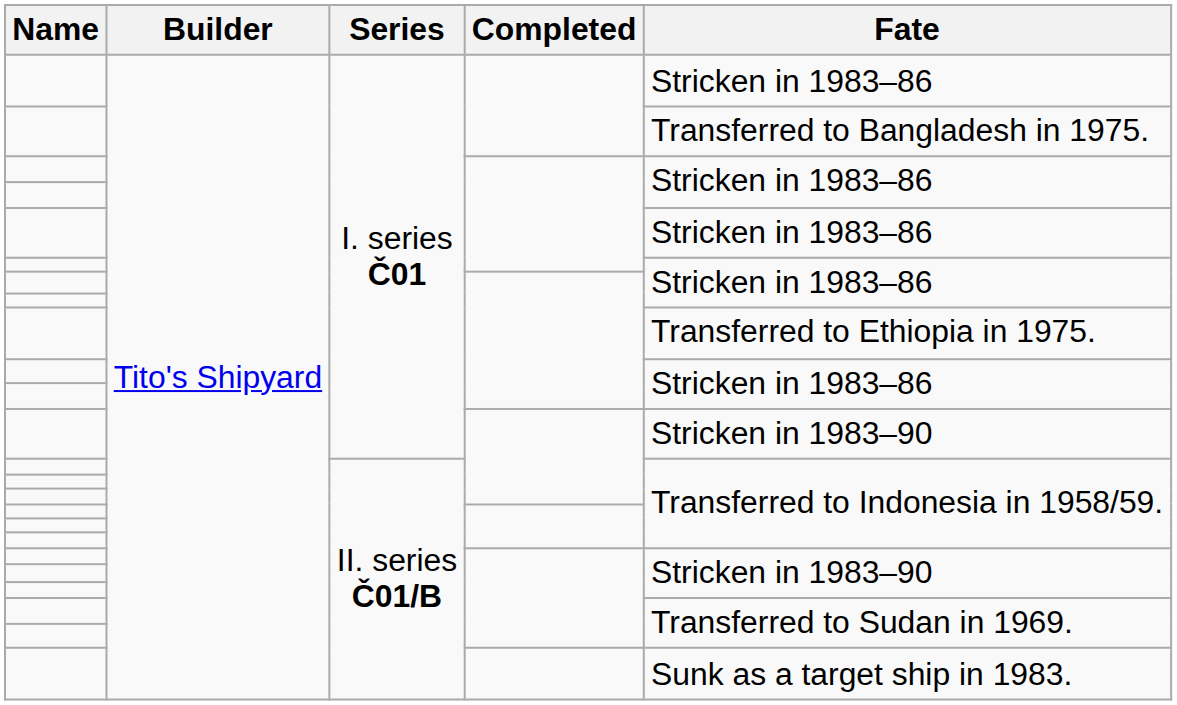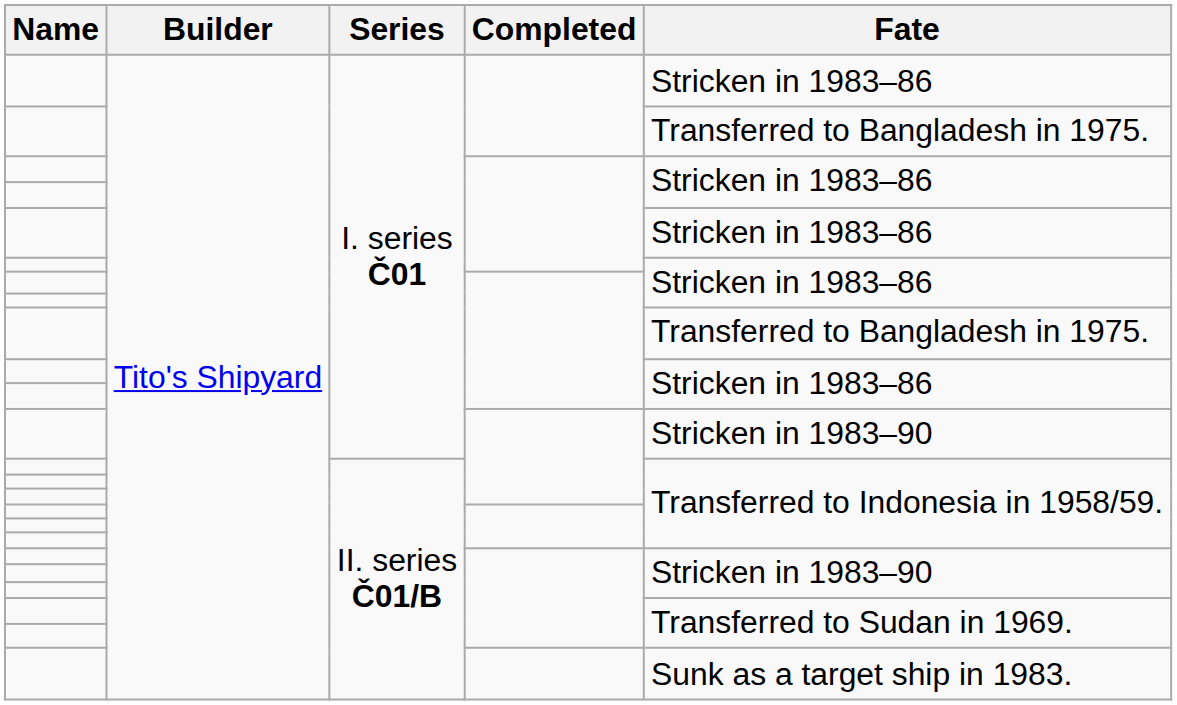 <table class=wikitable>
 <tr valign=top>
 <th>Name</th>
 <th>Builder</th>
 <th>Series</th>
 <th>Completed</th>
 <th>Fate</th>
 </tr>
 <tr valign=middle>
 <td></td>
 <td align=center rowspan=24><a href='#'>Tito's Shipyard</a></td>
 <td align=center rowspan=12>I. series<br><strong>Č01</strong></td>
 <td align=center rowspan=2></td>
 <td>Stricken in 1983–86</td>
 </tr>
 <tr valign=middle>
 <td></td>
 <td>Transferred to Bangladesh in 1975.</td>
 </tr>
 <tr valign=middle>
 <td></td>
 <td align=center rowspan=4></td>
 <td align=left rowspan=2>Stricken in 1983–86</td>
 </tr>
 <tr valign=middle>
 <td></td>
 </tr>
 <tr valign=middle>
 <td></td>
 <td>Stricken in 1983–86</td>
 </tr>
 <tr valign=middle>
 <td></td>
 <td align=left rowspan=3>Stricken in 1983–86</td>
 </tr>
 <tr valign=middle>
 <td></td>
 <td align=center rowspan=5></td>
 </tr>
 <tr valign=middle>
 <td></td>
 </tr>
 <tr valign=middle>
 <td></td>
-<td>Transferred to Ethiopia in 1975.</td>
+<td>Transferred to Bangladesh in 1975.</td>
 </tr>
 <tr valign=middle>
 <td></td>
 <td align=left rowspan=2>Stricken in 1983–86</td>
 </tr>
 <tr valign=middle>
 <td></td>
 </tr>
 <tr valign=middle>
 <td></td>
 <td align=center rowspan=4></td>
 <td>Stricken in 1983–90</td>
 </tr>
 <tr valign=middle>
 <td></td>
 <td align=center rowspan=12>II. series<br><strong>Č01/B</strong></td>
 <td align=left rowspan=6>Transferred to Indonesia in 1958/59.</td>
 </tr>
 <tr valign=middle>
 <td></td>
 </tr>
 <tr valign=middle>
 <td></td>
 </tr>
 <tr valign=middle>
 <td></td>
 <td align=center rowspan=3></td>
 </tr>
 <tr valign=middle>
 <td></td>
 </tr>
 <tr valign=middle>
 <td></td>
 </tr>
 <tr valign=middle>
 <td></td>
 <td align=center rowspan=5></td>
 <td align=left rowspan=3>Stricken in 1983–90</td>
 </tr>
 <tr valign=middle>
 <td></td>
 </tr>
 <tr valign=middle>
 <td></td>
 </tr>
 <tr valign=middle>
 <td></td>
 <td align=left rowspan=2>Transferred to Sudan in 1969.</td>
 </tr>
 <tr valign=middle>
 <td></td>
 </tr>
 <tr valign=middle>
 <td></td>
 <td></td>
 <td>Sunk as a target ship in 1983.</td>
 </tr>
 </table>
